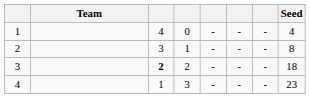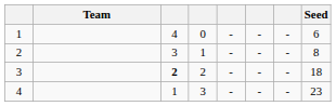 <table class="wikitable" style="text-align:center;font-size: 90%;">
 <tr>
 <th width="28px"></th>
 <th width="150px">Team</th>
 <th width="28px"></th>
 <th width="28px"></th>
 <th width="28px"></th>
 <th width="28px"></th>
 <th width="28px"></th>
 <th width="28px">Seed</th>
 </tr>
 <tr>
 <td>1</td>
 <td style="text-align:left;"></td>
 <td>4</td>
 <td>0</td>
 <td>-</td>
 <td>-</td>
 <td>-</td>
-<td>4</td>
+<td>6</td>
 </tr>
 <tr>
 <td>2</td>
 <td style="text-align:left;"></td>
 <td>3</td>
 <td>1</td>
 <td>-</td>
 <td>-</td>
 <td>-</td>
 <td>8</td>
 </tr>
 <tr>
 <td>3</td>
 <td style="text-align:left;"></td>
 <td><strong>2</strong></td>
 <td>2</td>
 <td>-</td>
 <td>-</td>
 <td>-</td>
 <td>18</td>
 </tr>
 <tr>
 <td>4</td>
 <td style="text-align:left;"></td>
 <td>1</td>
 <td>3</td>
 <td>-</td>
 <td>-</td>
 <td>-</td>
 <td>23</td>
 </tr>
 </table>
